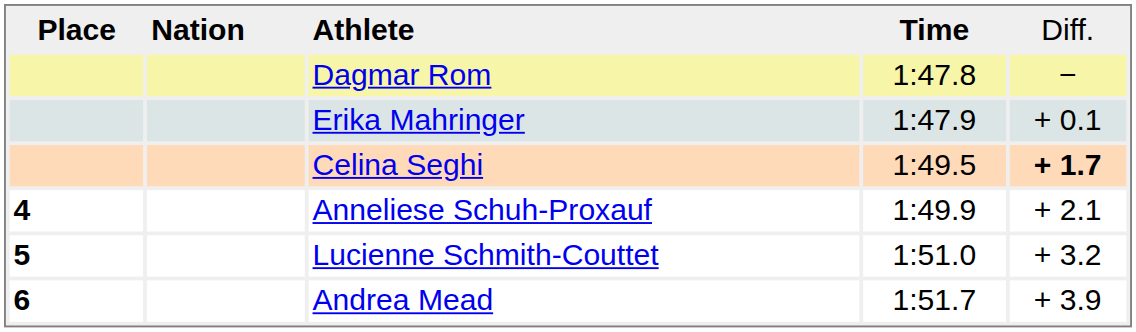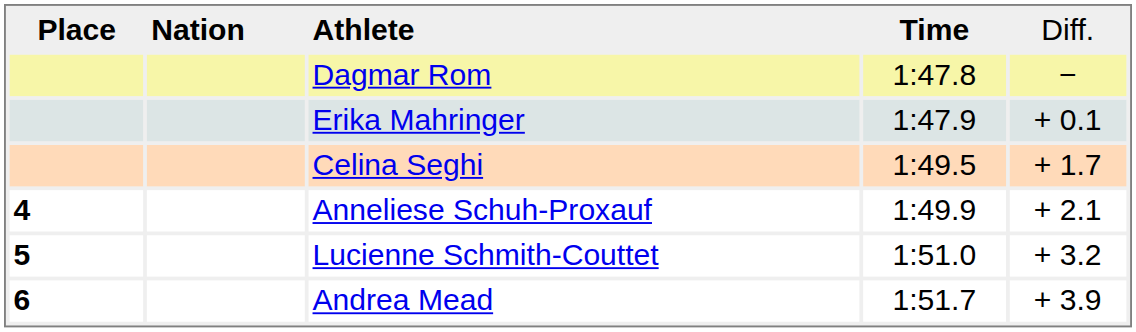 <table style="border-style:solid; border-width:1px; border-color:#808080; background-color:#EFEFEF;" cellspacing="2" cellpadding="2" width="600">
 <tr bgcolor="#EFEFEF">
 <th>Place</th>
 <th align="left">Nation</th>
 <th align="left">Athlete</th>
 <th align=center>Time</th>
 <td align=center>Diff.</td>
 </tr>
 <tr align="left" valign="top" bgcolor="#F7F6A8">
 <th></th>
 <td></td>
 <td align="left"><a href='#'>Dagmar Rom</a></td>
 <td align="center">1:47.8</td>
 <td align="center">−</td>
 </tr>
 <tr align="left" valign="top" bgcolor="#DCE5E5">
 <th></th>
 <td></td>
 <td align="left"><a href='#'>Erika Mahringer</a></td>
 <td align="center">1:47.9</td>
 <td align="center">+ 0.1</td>
 </tr>
 <tr align="left" valign="top" bgcolor="#FFDAB9">
 <th></th>
 <td></td>
 <td align="left"><a href='#'>Celina Seghi</a></td>
 <td align="center">1:49.5</td>
-<td align="center"><strong>+ 1.7</strong></td>
+<td align="center">+ 1.7</td>
 </tr>
 <tr align="left" valign="top" bgcolor="#FFFFFF">
 <th>4</th>
 <td></td>
 <td align="left"><a href='#'>Anneliese Schuh-Proxauf</a></td>
 <td align="center">1:49.9</td>
 <td align="center">+ 2.1</td>
 </tr>
 <tr align="left" valign="top" bgcolor="#FFFFFF">
 <th>5</th>
 <td></td>
 <td align="left"><a href='#'>Lucienne Schmith-Couttet</a></td>
 <td align="center">1:51.0</td>
 <td align="center">+ 3.2</td>
 </tr>
 <tr align="left" valign="top" bgcolor="#FFFFFF">
 <th>6</th>
 <td></td>
 <td align="left"><a href='#'>Andrea Mead</a></td>
 <td align="center">1:51.7</td>
 <td align="center">+ 3.9</td>
 </tr>
 </table>
